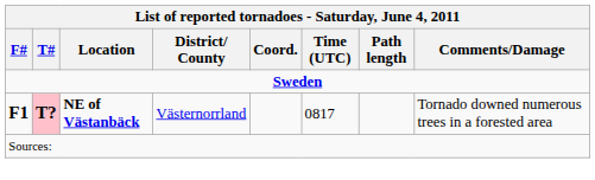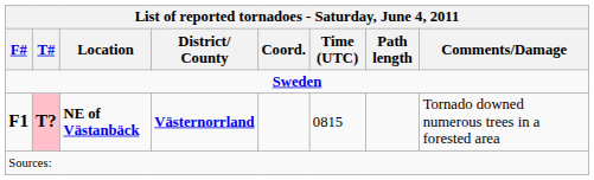 <table class="wikitable collapsible" width="100%">
 <tr>
 <th colspan="8">List of reported tornadoes - Saturday, June 4, 2011</th>
 </tr>
 <tr>
 <th><a href='#'>F#</a></th>
 <th><a href='#'>T#</a></th>
 <th>Location</th>
 <th>District/<br>County</th>
 <th>Coord.</th>
 <th>Time (UTC)</th>
 <th>Path length</th>
 <th>Comments/Damage</th>
 </tr>
 <tr>
 <td colspan="8" align=center><strong><a href='#'>Sweden</a></strong></td>
 </tr>
 <tr>
 <td><big><strong>F1</strong></big></td>
 <td style="background: pink;"><big><strong>T?</strong></big></td>
 <td><strong>NE of <a href='#'>Västanbäck</a></strong></td>
-<td><a href='#'>Västernorrland</a></td>
+<td><strong><a href='#'>Västernorrland</a></strong></td>
 <td></td>
-<td>0817</td>
+<td>0815</td>
 <td></td>
 <td>Tornado downed numerous trees in a forested area</td>
 </tr>
 <tr>
 <td colspan="8"><small>Sources:  </small></td>
 </tr>
 </table>
